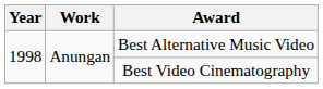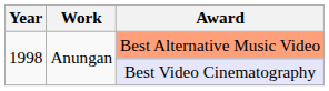 <table class="wikitable" style="text-align: center;">
 <tr>
 <th>Year</th>
 <th>Work</th>
 <th>Award</th>
 </tr>
 <tr>
 <td rowspan="2">1998</td>
 <td rowspan="2">Anungan</td>
-<td>Best Alternative Music Video</td>
+<td style="background: lightsalmon;">Best Alternative Music Video</td>
 </tr>
 <tr>
-<td>Best Video Cinematography</td>
+<td style="background: lavender;">Best Video Cinematography</td>
 </tr>
 </table>
